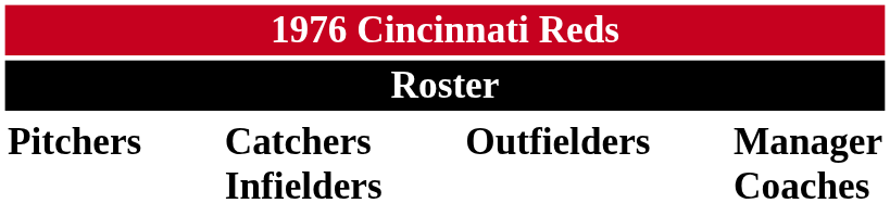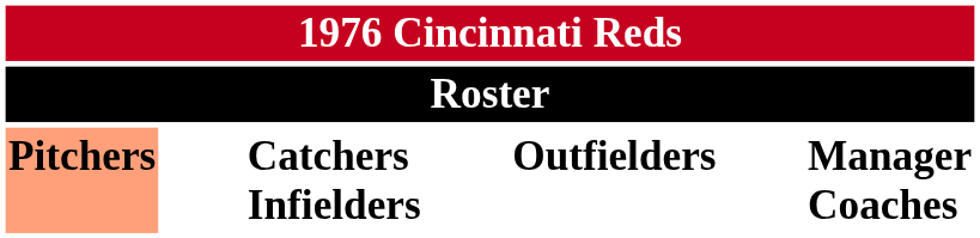 <table class="toccolours" style="font-size: 95%;">
 <tr>
 <th colspan="10" style="background: #c6011f; color: white; text-align:center;">1976 Cincinnati Reds</th>
 </tr>
 <tr>
 <td colspan="10" style="background: black; color: white; text-align:center;"><strong>Roster</strong></td>
 </tr>
 <tr>
-<td valign="top"><strong>Pitchers</strong><br>            </td>
+<td valign="top" style="background: lightsalmon;"><strong>Pitchers</strong><br>            </td>
 <td style="width:25px;"></td>
 <td valign="top"><strong>Catchers</strong><br>   <strong>Infielders</strong>      </td>
 <td style="width:25px;"></td>
 <td valign="top"><strong>Outfielders</strong><br>      </td>
 <td style="width:25px;"></td>
 <td valign="top"><strong>Manager</strong><br> <strong>Coaches</strong>    </td>
 </tr>
 </table>
